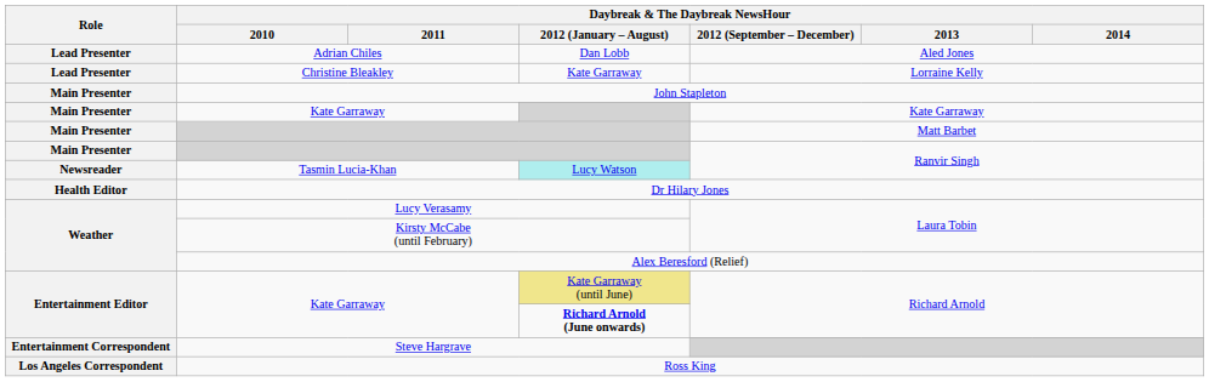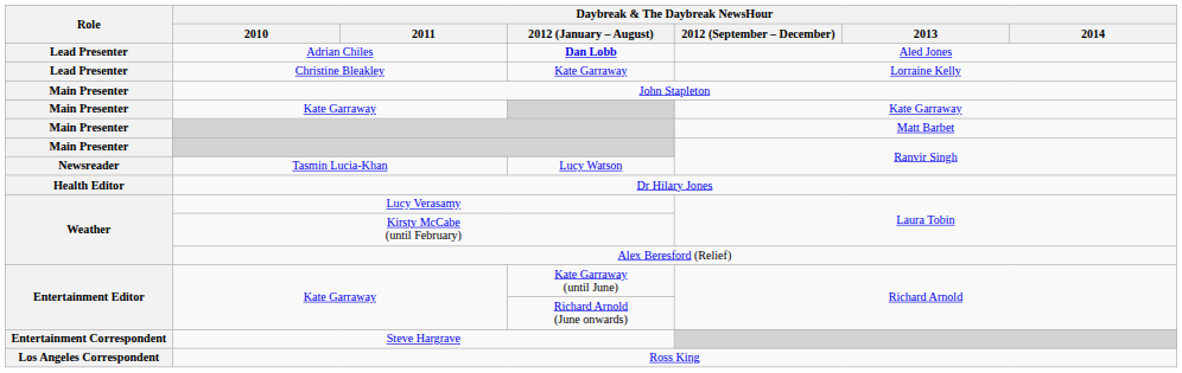 <table class="wikitable" style="text-align:center;">
 <tr>
 <th rowspan="2" style="width:10%;">Role</th>
 <th colspan=6>Daybreak & The Daybreak NewsHour</th>
 </tr>
 <tr>
 <th style="width:10%;">2010</th>
 <th style="width:10%;">2011</th>
 <th style="width:10%;">2012 (January – August)</th>
 <th style="width:10%;">2012 (September – December)</th>
 <th style="width:10%;">2013</th>
 <th style="width:10%;">2014</th>
 </tr>
 <tr>
 <th>Lead Presenter</th>
 <td colspan="2"><a href='#'>Adrian Chiles</a></td>
-<td colspan="1"><a href='#'>Dan Lobb</a></td>
+<td colspan="1"><strong><a href='#'>Dan Lobb</a></strong></td>
 <td colspan="3"><a href='#'>Aled Jones</a></td>
 </tr>
 <tr>
 <th>Lead Presenter</th>
 <td colspan="2"><a href='#'>Christine Bleakley</a></td>
 <td colspan="1"><a href='#'>Kate Garraway</a></td>
 <td colspan="3"><a href='#'>Lorraine Kelly</a></td>
 </tr>
 <tr>
 <th>Main Presenter</th>
 <td colspan="6"><a href='#'>John Stapleton</a></td>
 </tr>
 <tr>
 <th>Main Presenter</th>
 <td colspan="2"><a href='#'>Kate Garraway</a></td>
 <td style="background: #D3D3D3;"></td>
 <td colspan="3"><a href='#'>Kate Garraway</a></td>
 </tr>
 <tr>
 <th>Main Presenter</th>
 <td style="background: #D3D3D3;" colspan="3"></td>
 <td colspan="3"><a href='#'>Matt Barbet</a></td>
 </tr>
 <tr>
 <th>Main Presenter</th>
 <td style="background: #D3D3D3;" colspan="3"></td>
 <td colspan="3" rowspan="2"><a href='#'>Ranvir Singh</a></td>
 </tr>
 <tr>
 <th>Newsreader</th>
 <td colspan="2"><a href='#'>Tasmin Lucia-Khan</a></td>
-<td style="background: paleturquoise;"><a href='#'>Lucy Watson</a></td>
+<td><a href='#'>Lucy Watson</a></td>
 </tr>
 <tr>
 <th>Health Editor</th>
 <td colspan="6"><a href='#'>Dr Hilary Jones</a></td>
 </tr>
 <tr>
 <th rowspan="3">Weather</th>
 <td colspan="3"><a href='#'>Lucy Verasamy</a></td>
 <td colspan="3" rowspan="2"><a href='#'>Laura Tobin</a></td>
 </tr>
 <tr>
 <td colspan="3"><a href='#'>Kirsty McCabe</a><br>(until February)</td>
 </tr>
 <tr>
 <td colspan="6"><a href='#'>Alex Beresford</a> (Relief)</td>
 </tr>
 <tr>
 <th rowspan="2">Entertainment Editor</th>
 <td colspan="2" rowspan="2"><a href='#'>Kate Garraway</a></td>
-<td colspan="1" style="background: khaki;"><a href='#'>Kate Garraway</a><br>(until June)</td>
+<td colspan="1"><a href='#'>Kate Garraway</a><br>(until June)</td>
 <td colspan="3" rowspan="2"><a href='#'>Richard Arnold</a></td>
 </tr>
 <tr>
-<td><strong><a href='#'>Richard Arnold</a><br>(June onwards)</strong></td>
+<td><a href='#'>Richard Arnold</a><br>(June onwards)</td>
 </tr>
 <tr>
 <th>Entertainment Correspondent</th>
 <td colspan="3"><a href='#'>Steve Hargrave</a></td>
 <td style="background: #D3D3D3;" colspan="3"></td>
 </tr>
 <tr>
 <th>Los Angeles Correspondent</th>
 <td colspan="6"><a href='#'>Ross King</a></td>
 </tr>
 </table>
